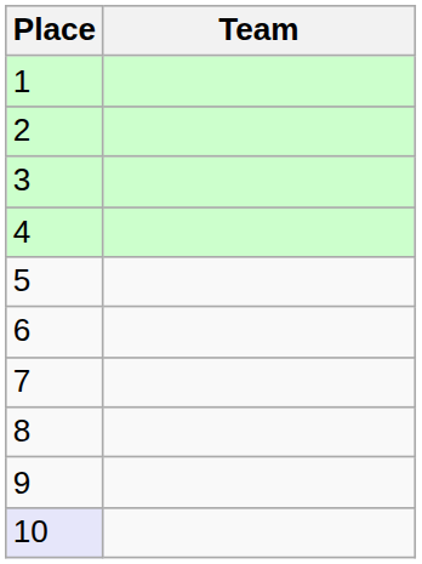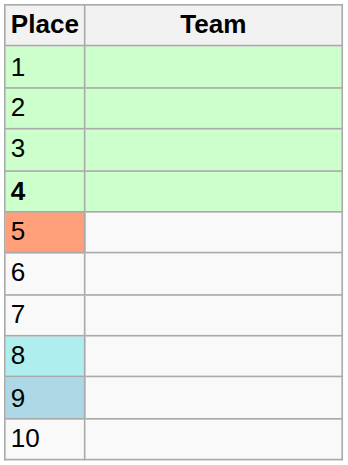 <table class="wikitable">
 <tr>
 <th width=30>Place</th>
 <th width=150>Team</th>
 </tr>
 <tr bgcolor=#ccffcc>
 <td>1</td>
 <td></td>
 </tr>
 <tr bgcolor=#ccffcc>
 <td>2</td>
 <td></td>
 </tr>
 <tr bgcolor=#ccffcc>
 <td>3</td>
 <td></td>
 </tr>
 <tr bgcolor=#ccffcc>
-<td>4</td>
+<td><strong>4</strong></td>
 <td></td>
 </tr>
 <tr>
-<td>5</td>
+<td style="background: lightsalmon;">5</td>
 <td></td>
 </tr>
 <tr>
 <td>6</td>
 <td></td>
 </tr>
 <tr>
 <td>7</td>
 <td></td>
 </tr>
 <tr>
-<td>8</td>
+<td style="background: paleturquoise;">8</td>
 <td></td>
 </tr>
 <tr>
-<td>9</td>
+<td style="background: lightblue;">9</td>
 <td></td>
 </tr>
 <tr>
-<td style="background: lavender;">10</td>
+<td>10</td>
 <td></td>
 </tr>
 </table>
